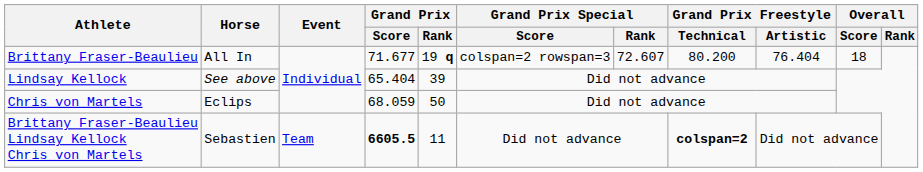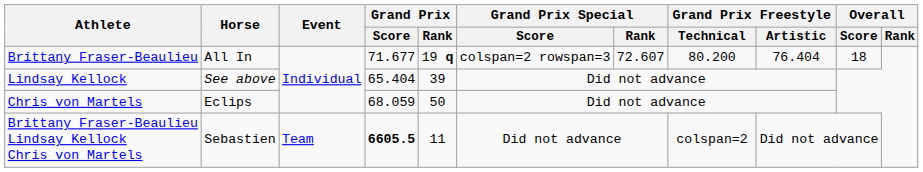 <table class=wikitable style=font-size:90%;text-align:center>
 <tr>
 <th rowspan=2>Athlete</th>
 <th rowspan=2>Horse</th>
 <th rowspan=2>Event</th>
 <th colspan=2>Grand Prix</th>
 <th colspan=2>Grand Prix Special</th>
 <th colspan=2>Grand Prix Freestyle</th>
 <th colspan=2>Overall</th>
 </tr>
 <tr style=font-size:95%>
 <th>Score</th>
 <th>Rank</th>
 <th>Score</th>
 <th>Rank</th>
 <th>Technical</th>
 <th>Artistic</th>
 <th>Score</th>
 <th>Rank</th>
 </tr>
 <tr>
 <td align=left><a href='#'>Brittany Fraser-Beaulieu</a></td>
 <td align=left>All In</td>
 <td align=left rowspan=3><a href='#'>Individual</a></td>
 <td>71.677</td>
 <td>19 <strong>q</strong></td>
 <td>colspan=2 rowspan=3 </td>
 <td>72.607</td>
 <td>80.200</td>
 <td>76.404</td>
 <td>18</td>
 </tr>
 <tr>
 <td align=left><a href='#'>Lindsay Kellock</a></td>
 <td align=left><em>See above</em></td>
 <td>65.404</td>
 <td>39</td>
 <td colspan=4>Did not advance</td>
 </tr>
 <tr>
 <td align=left><a href='#'>Chris von Martels</a></td>
 <td align=left>Eclips</td>
 <td>68.059</td>
 <td>50</td>
 <td colspan=4>Did not advance</td>
 </tr>
 <tr>
 <td align=left><a href='#'>Brittany Fraser-Beaulieu</a><br><a href='#'>Lindsay Kellock</a><br><a href='#'>Chris von Martels</a></td>
 <td align=left>Sebastien</td>
 <td align=left><a href='#'>Team</a></td>
 <td><strong>6605.5</strong></td>
 <td>11</td>
 <td colspan=2>Did not advance</td>
-<td><strong>colspan=2 </strong></td>
+<td>colspan=2 </td>
 <td colspan=2>Did not advance</td>
 </tr>
 </table>
